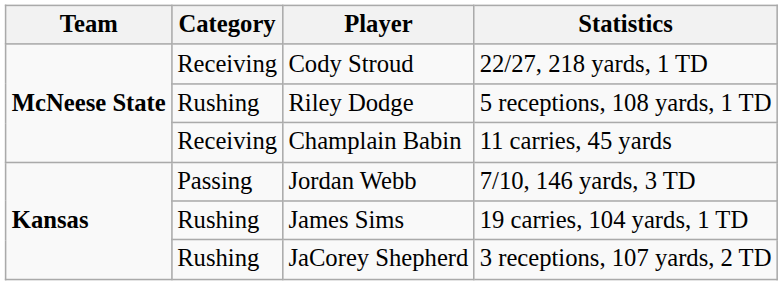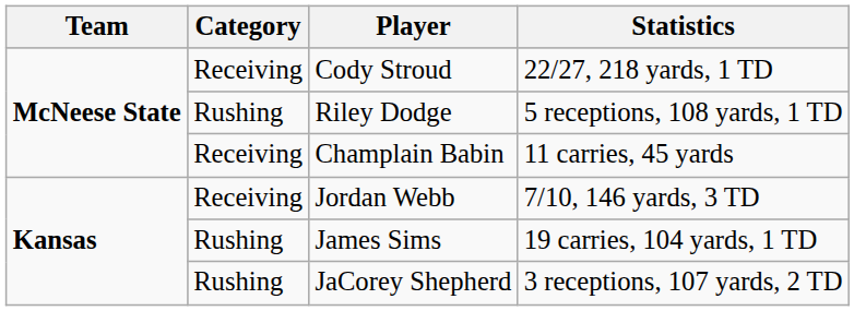 <table class="wikitable" style="float: right;">
 <tr>
 <th>Team</th>
 <th>Category</th>
 <th>Player</th>
 <th>Statistics</th>
 </tr>
 <tr>
 <td rowspan=3><strong>McNeese State</strong></td>
 <td>Receiving</td>
 <td>Cody Stroud</td>
 <td>22/27, 218 yards, 1 TD</td>
 </tr>
 <tr>
 <td>Rushing</td>
 <td>Riley Dodge</td>
 <td>5 receptions, 108 yards, 1 TD</td>
 </tr>
 <tr>
 <td>Receiving</td>
 <td>Champlain Babin</td>
 <td>11 carries, 45 yards</td>
 </tr>
 <tr>
 <td rowspan=3><strong>Kansas</strong></td>
-<td>Passing</td>
+<td>Receiving</td>
 <td>Jordan Webb</td>
 <td>7/10, 146 yards, 3 TD</td>
 </tr>
 <tr>
 <td>Rushing</td>
 <td>James Sims</td>
 <td>19 carries, 104 yards, 1 TD</td>
 </tr>
 <tr>
 <td>Rushing</td>
 <td>JaCorey Shepherd</td>
 <td>3 receptions, 107 yards, 2 TD</td>
 </tr>
 </table>
